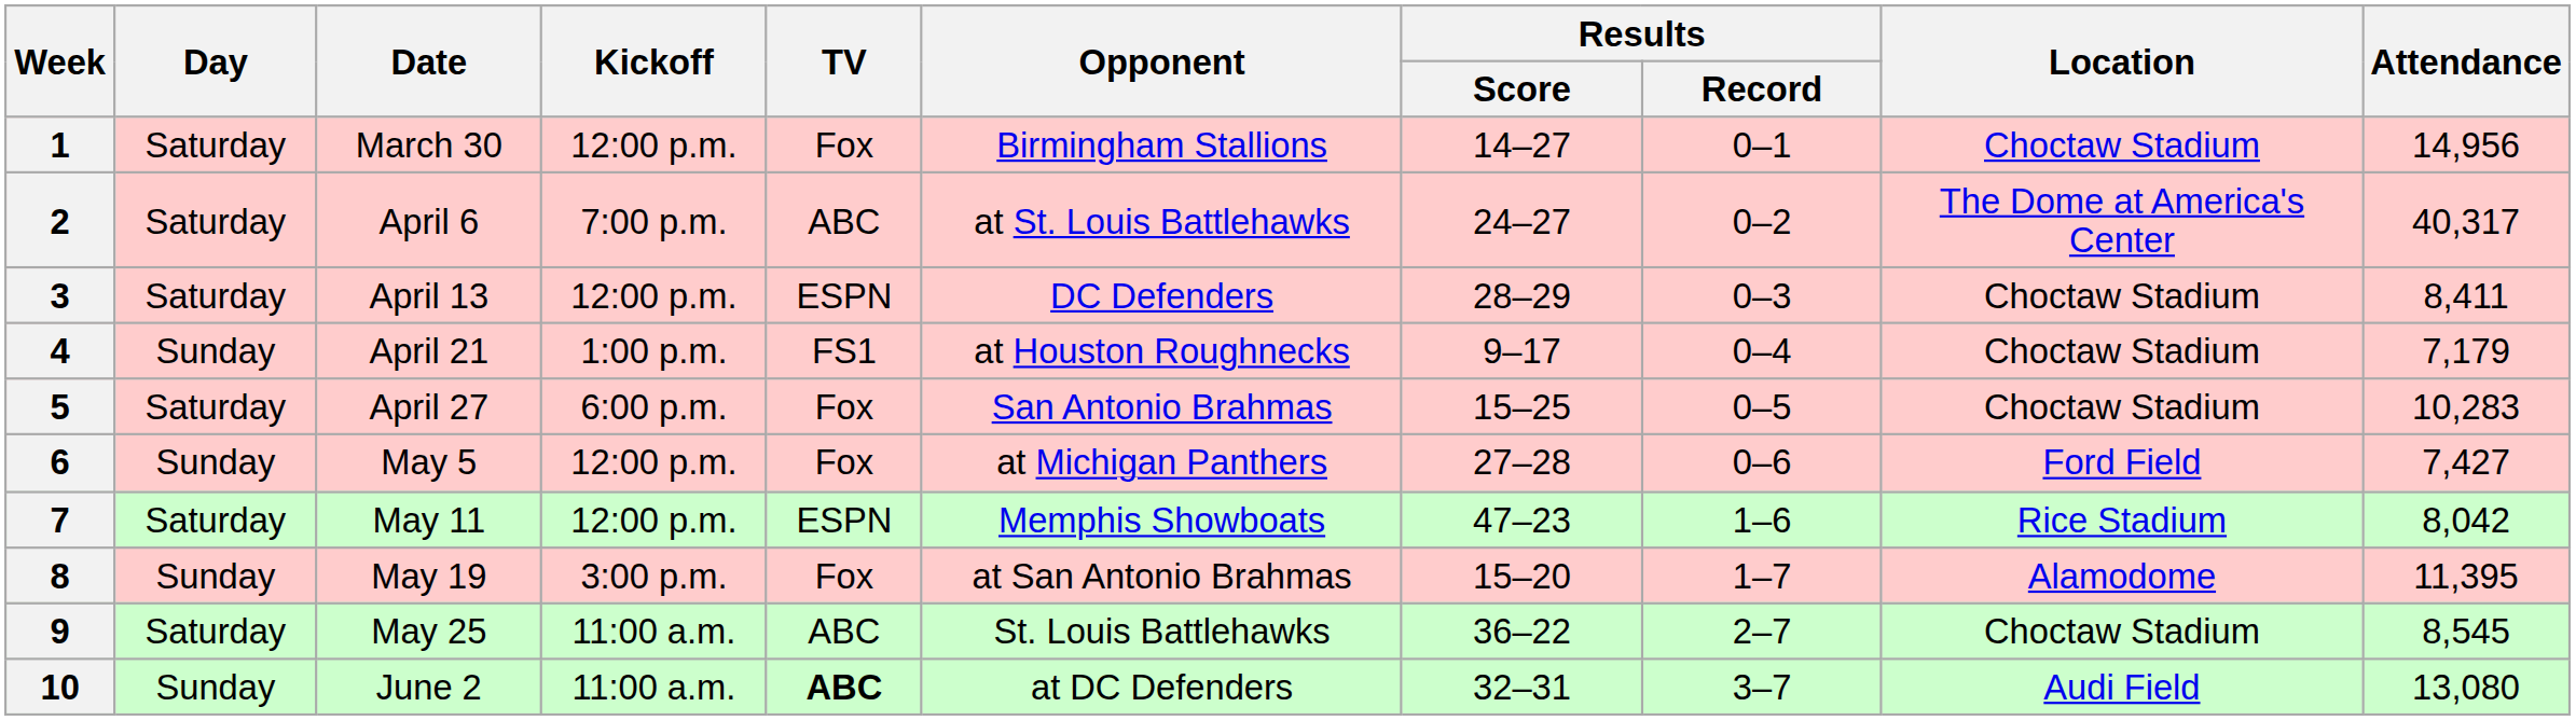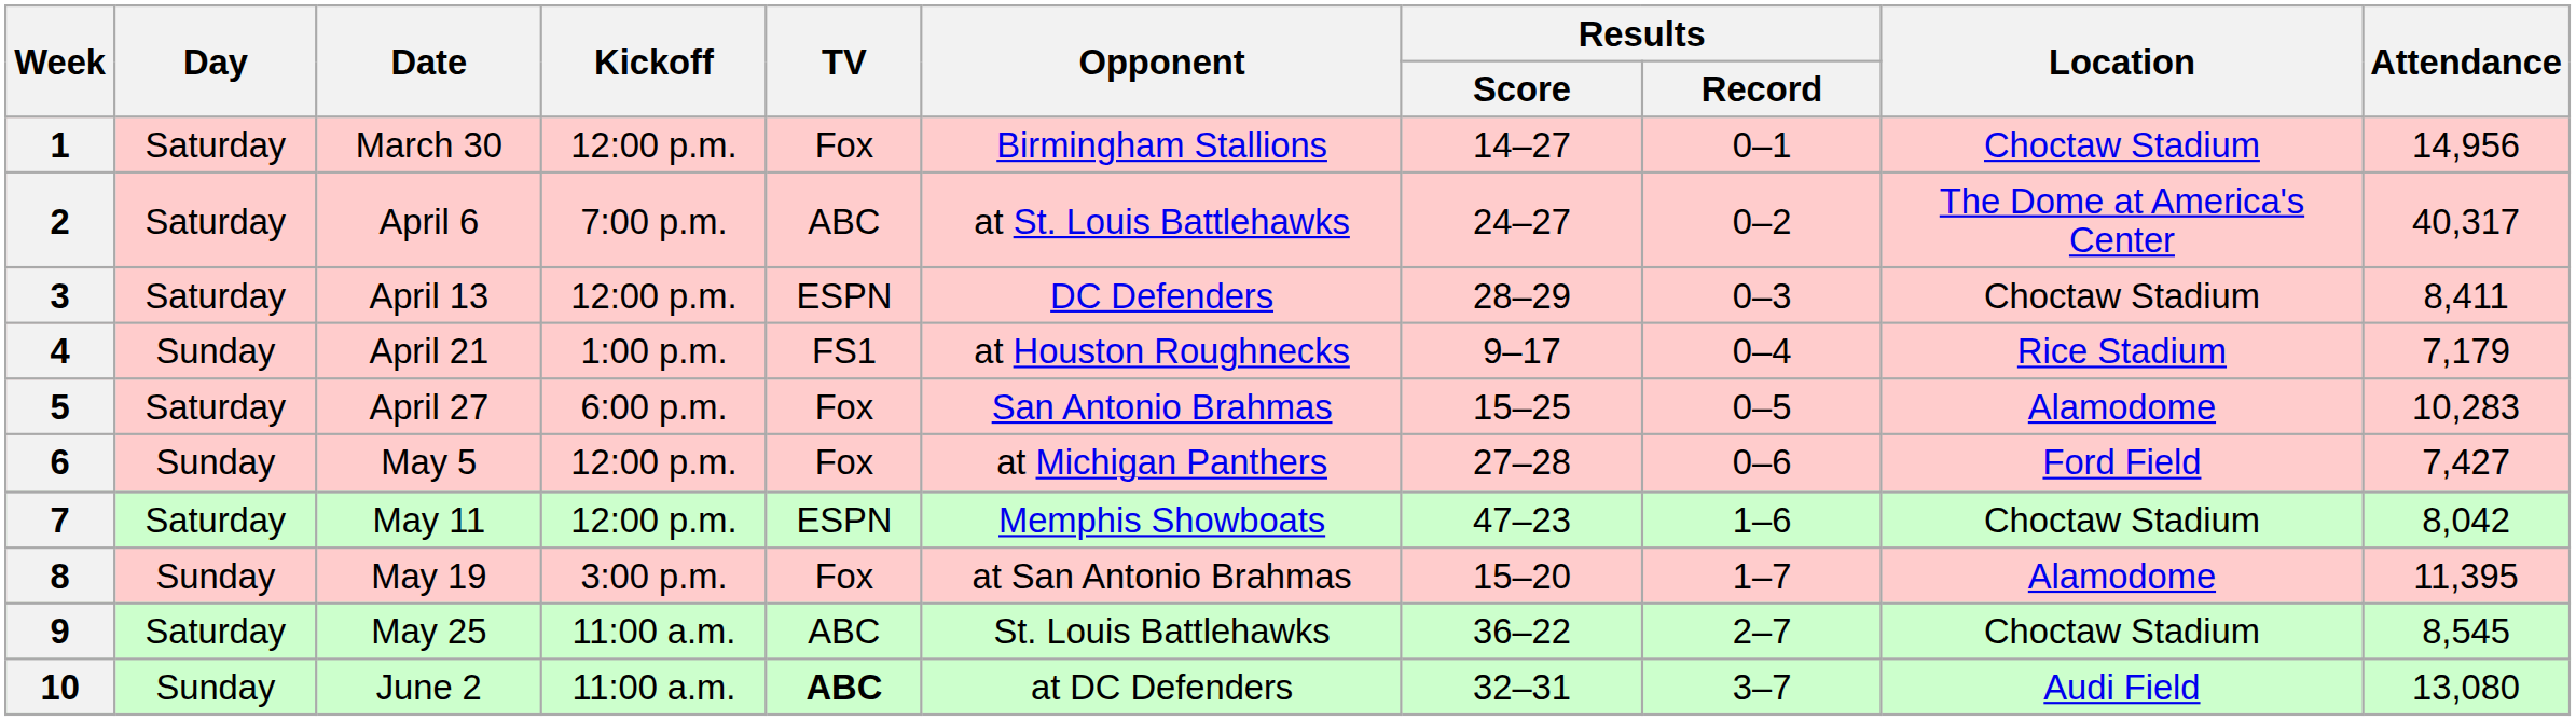 <table class="wikitable" style="text-align:center; font-size: 95%;">
 <tr>
 <th rowspan="2" width="40">Week</th>
 <th rowspan="2" width="80">Day</th>
 <th rowspan="2" width="90">Date</th>
 <th rowspan="2" width="90">Kickoff</th>
 <th rowspan="2" width="60">TV</th>
 <th rowspan="2" width="200">Opponent</th>
 <th colspan="2" width="200">Results</th>
 <th rowspan="2" width="200">Location</th>
 <th rowspan="2">Attendance</th>
 </tr>
 <tr>
 <th width="60">Score</th>
 <th width="60">Record</th>
 </tr>
 <tr style="background:#ffcccc">
 <th>1</th>
 <td>Saturday</td>
 <td>March 30</td>
 <td>12:00 p.m.</td>
 <td>Fox</td>
 <td><a href='#'>Birmingham Stallions</a></td>
 <td>14–27</td>
 <td>0–1</td>
 <td><a href='#'>Choctaw Stadium</a></td>
 <td>14,956</td>
 </tr>
 <tr style="background:#ffcccc">
 <th>2</th>
 <td>Saturday</td>
 <td>April 6</td>
 <td>7:00 p.m.</td>
 <td>ABC</td>
 <td>at <a href='#'>St. Louis Battlehawks</a></td>
 <td>24–27</td>
 <td>0–2</td>
 <td><a href='#'>The Dome at America's Center</a></td>
 <td>40,317</td>
 </tr>
 <tr style="background:#ffcccc">
 <th>3</th>
 <td>Saturday</td>
 <td>April 13</td>
 <td>12:00 p.m.</td>
 <td>ESPN</td>
 <td><a href='#'>DC Defenders</a></td>
 <td>28–29</td>
 <td>0–3</td>
 <td>Choctaw Stadium</td>
 <td>8,411</td>
 </tr>
 <tr style="background:#ffcccc">
 <th>4</th>
 <td>Sunday</td>
 <td>April 21</td>
 <td>1:00 p.m.</td>
 <td>FS1</td>
 <td>at <a href='#'>Houston Roughnecks</a></td>
 <td>9–17</td>
 <td>0–4</td>
-<td>Choctaw Stadium</td>
+<td><a href='#'>Rice Stadium</a></td>
 <td>7,179</td>
 </tr>
 <tr style="background:#ffcccc">
 <th>5</th>
 <td>Saturday</td>
 <td>April 27</td>
 <td>6:00 p.m.</td>
 <td>Fox</td>
 <td><a href='#'>San Antonio Brahmas</a></td>
 <td>15–25</td>
 <td>0–5</td>
-<td>Choctaw Stadium</td>
+<td><a href='#'>Alamodome</a></td>
 <td>10,283</td>
 </tr>
 <tr style="background:#ffcccc">
 <th>6</th>
 <td>Sunday</td>
 <td>May 5</td>
 <td>12:00 p.m.</td>
 <td>Fox</td>
 <td>at <a href='#'>Michigan Panthers</a></td>
 <td>27–28</td>
 <td>0–6</td>
 <td><a href='#'>Ford Field</a></td>
 <td>7,427</td>
 </tr>
 <tr style="background:#ccffcc">
 <th>7</th>
 <td>Saturday</td>
 <td>May 11</td>
 <td>12:00 p.m.</td>
 <td>ESPN</td>
 <td><a href='#'>Memphis Showboats</a></td>
 <td>47–23</td>
 <td>1–6</td>
-<td><a href='#'>Rice Stadium</a></td>
+<td>Choctaw Stadium</td>
 <td>8,042</td>
 </tr>
 <tr style="background:#ffcccc">
 <th>8</th>
 <td>Sunday</td>
 <td>May 19</td>
 <td>3:00 p.m.</td>
 <td>Fox</td>
 <td>at San Antonio Brahmas</td>
 <td>15–20</td>
 <td>1–7</td>
 <td><a href='#'>Alamodome</a></td>
 <td>11,395</td>
 </tr>
 <tr style="background:#ccffcc">
 <th>9</th>
 <td>Saturday</td>
 <td>May 25</td>
 <td>11:00 a.m.</td>
 <td>ABC</td>
 <td>St. Louis Battlehawks</td>
 <td>36–22</td>
 <td>2–7</td>
 <td>Choctaw Stadium</td>
 <td>8,545</td>
 </tr>
 <tr style="background:#ccffcc">
 <th>10</th>
 <td>Sunday</td>
 <td>June 2</td>
 <td>11:00 a.m.</td>
 <td><strong>ABC</strong></td>
 <td>at DC Defenders</td>
 <td>32–31</td>
 <td>3–7</td>
 <td><a href='#'>Audi Field</a></td>
 <td>13,080</td>
 </tr>
 </table>
